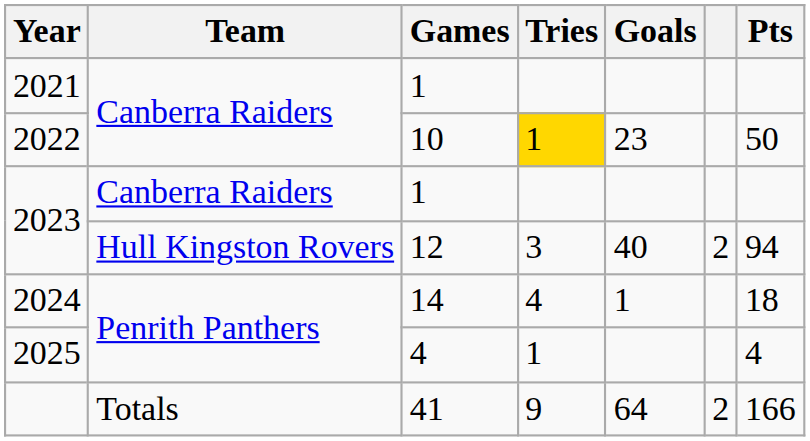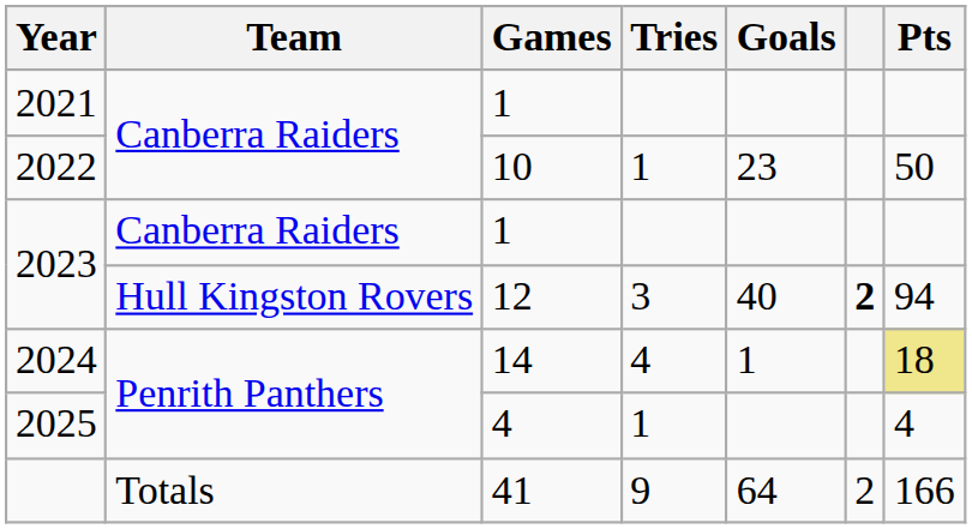 <table class="wikitable">
 <tr>
 <th>Year</th>
 <th>Team</th>
 <th>Games</th>
 <th>Tries</th>
 <th>Goals</th>
 <th></th>
 <th>Pts</th>
 </tr>
 <tr>
 <td>2021</td>
 <td rowspan="2"> <a href='#'>Canberra Raiders</a></td>
 <td>1</td>
 <td></td>
 <td></td>
 <td></td>
 <td></td>
 </tr>
 <tr>
 <td>2022</td>
 <td>10</td>
-<td style="background: gold;">1</td>
+<td>1</td>
 <td>23</td>
 <td></td>
 <td>50</td>
 </tr>
 <tr>
 <td rowspan="2">2023</td>
 <td> <a href='#'>Canberra Raiders</a></td>
 <td>1</td>
 <td></td>
 <td></td>
 <td></td>
 <td></td>
 </tr>
 <tr>
 <td> <a href='#'>Hull Kingston Rovers</a></td>
 <td>12</td>
 <td>3</td>
 <td>40</td>
-<td>2</td>
+<td><strong>2</strong></td>
 <td>94</td>
 </tr>
 <tr>
 <td>2024</td>
 <td rowspan="2"> <a href='#'>Penrith Panthers</a></td>
 <td>14</td>
 <td>4</td>
 <td>1</td>
 <td></td>
-<td>18</td>
+<td style="background: khaki;">18</td>
 </tr>
 <tr>
 <td>2025</td>
 <td>4</td>
 <td>1</td>
 <td></td>
 <td></td>
 <td>4</td>
 </tr>
 <tr>
 <td></td>
 <td>Totals</td>
 <td>41</td>
 <td>9</td>
 <td>64</td>
 <td>2</td>
 <td>166</td>
 </tr>
 </table>
